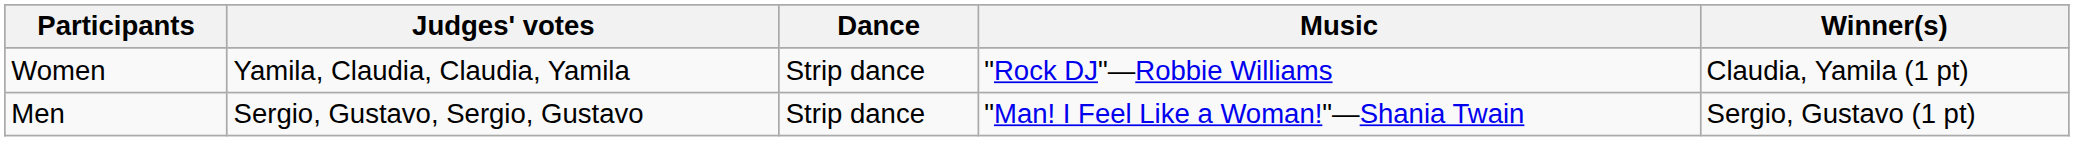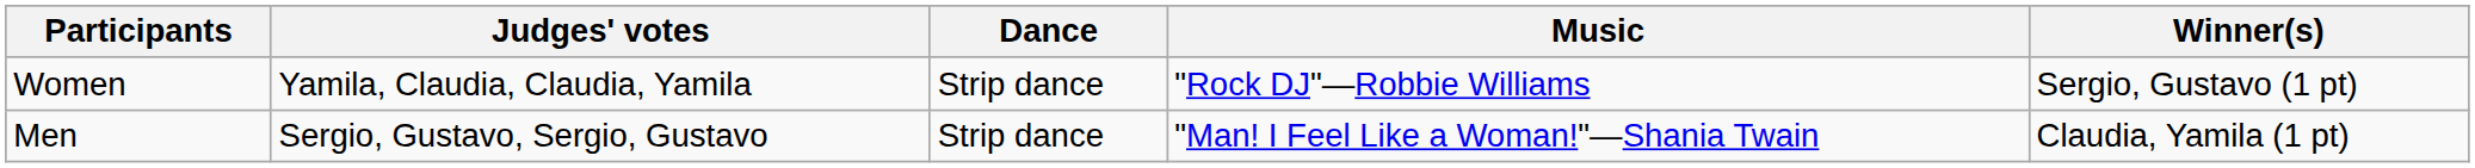 <table class="wikitable" style="width:95%; white-space:nowrap;">
 <tr>
 <th>Participants</th>
 <th>Judges' votes</th>
 <th>Dance</th>
 <th>Music</th>
 <th>Winner(s)</th>
 </tr>
 <tr>
 <td>Women</td>
 <td>Yamila, Claudia, Claudia, Yamila</td>
 <td>Strip dance</td>
 <td>"<a href='#'>Rock DJ</a>"—<a href='#'>Robbie Williams</a></td>
-<td>Claudia, Yamila (1 pt)</td>
+<td>Sergio, Gustavo (1 pt)</td>
 </tr>
 <tr>
 <td>Men</td>
 <td>Sergio, Gustavo, Sergio, Gustavo</td>
 <td>Strip dance</td>
 <td>"<a href='#'>Man! I Feel Like a Woman!</a>"—<a href='#'>Shania Twain</a></td>
-<td>Sergio, Gustavo (1 pt)</td>
+<td>Claudia, Yamila (1 pt)</td>
 </tr>
 </table>
